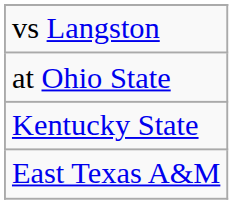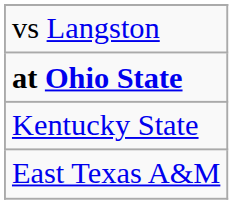 <table class="wikitable">
 <tr>
 </tr>
 <tr>
 <td>vs <a href='#'>Langston</a></td>
 </tr>
 <tr>
-<td>at <a href='#'>Ohio State</a></td>
+<td><strong>at <a href='#'>Ohio State</a></strong></td>
 </tr>
 <tr>
 <td><a href='#'>Kentucky State</a></td>
 </tr>
 <tr>
 <td><a href='#'>East Texas A&M</a></td>
 </tr>
 </table>
